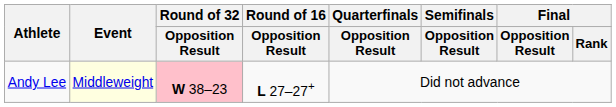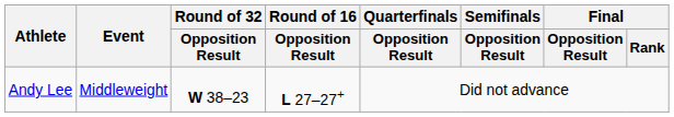 <table class="wikitable" style="font-size:90%">
 <tr>
 <th rowspan="2">Athlete</th>
 <th rowspan="2">Event</th>
 <th>Round of 32</th>
 <th>Round of 16</th>
 <th>Quarterfinals</th>
 <th>Semifinals</th>
 <th colspan=2>Final</th>
 </tr>
 <tr style="font-size:95%">
 <th>Opposition<br>Result</th>
 <th>Opposition<br>Result</th>
 <th>Opposition<br>Result</th>
 <th>Opposition<br>Result</th>
 <th>Opposition<br>Result</th>
 <th>Rank</th>
 </tr>
 <tr align=center>
 <td align=left><a href='#'>Andy Lee</a></td>
-<td align=left style="background: lightyellow;"><a href='#'>Middleweight</a></td>
-<td style="background: pink;"><br><strong>W</strong> 38–23</td>
+<td align=left><a href='#'>Middleweight</a></td>
+<td><br><strong>W</strong> 38–23</td>
 <td><br><strong>L</strong> 27–27<sup>+</sup></td>
 <td colspan=4>Did not advance</td>
 </tr>
 </table>
